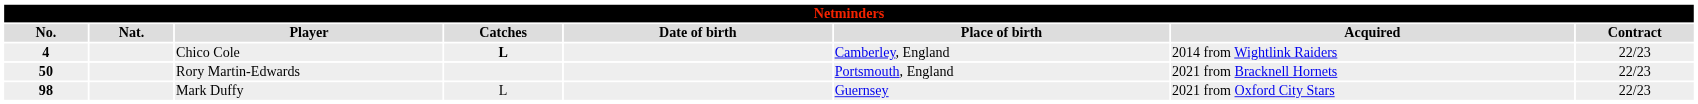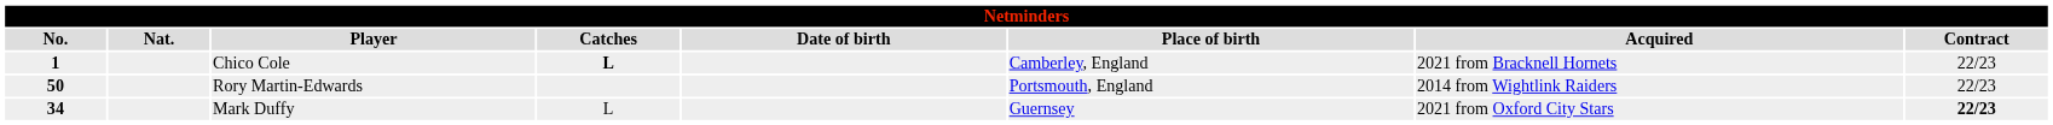 <table class="toccolours"  style="width:97%; clear:both; margin:1.5em auto; text-align:center;">
 <tr>
 <th colspan="10" style="background:black; color:#f42300;”">Netminders</th>
 </tr>
 <tr style="background:#ddd;">
 <th width=5%>No.</th>
 <th width=5%>Nat.</th>
 <th !width=22%>Player</th>
 <th width=7%>Catches</th>
 <th width=16%>Date of birth</th>
 <th width=20%>Place of birth</th>
 <th width=24%>Acquired</th>
 <td><strong>Contract</strong></td>
 </tr>
 <tr style="background:#eee;">
-<td><strong>4</strong></td>
+<td><strong>1</strong></td>
 <td></td>
 <td align=left>Chico Cole</td>
 <td><strong>L</strong></td>
 <td align=left></td>
 <td align=left><a href='#'>Camberley</a>, England</td>
-<td align=left>2014 from <a href='#'>Wightlink Raiders</a></td>
+<td align=left>2021 from <a href='#'>Bracknell Hornets</a></td>
 <td>22/23</td>
 </tr>
 <tr style="background:#eee;">
 <td><strong>50</strong></td>
 <td></td>
 <td align=left>Rory Martin-Edwards</td>
 <td></td>
 <td align=left></td>
 <td align=left><a href='#'>Portsmouth</a>, England</td>
-<td align=left>2021 from <a href='#'>Bracknell Hornets</a></td>
+<td align=left>2014 from <a href='#'>Wightlink Raiders</a></td>
 <td>22/23</td>
 </tr>
 <tr style="background:#eee;">
-<td><strong>98</strong></td>
+<td><strong>34</strong></td>
 <td></td>
 <td align=left>Mark Duffy</td>
 <td>L</td>
 <td align=left></td>
 <td align=left><a href='#'>Guernsey</a></td>
 <td align=left>2021 from <a href='#'>Oxford City Stars</a></td>
-<td>22/23</td>
+<td><strong>22/23</strong></td>
 </tr>
 </table>
